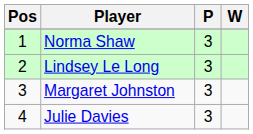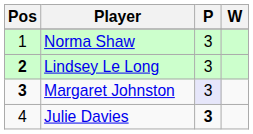 <table class="wikitable">
 <tr>
 <th width=20>Pos</th>
 <th width=150>Player</th>
 <th width=20>P</th>
 <th width=20>W</th>
 </tr>
 <tr>
 </tr>
 <tr align=center style="background: #ccffcc;">
 <td>1</td>
 <td align="left"> <a href='#'>Norma Shaw</a></td>
 <td>3</td>
 <td></td>
 </tr>
 <tr align=center style="background: #ccffcc;">
-<td>2</td>
+<td><strong>2</strong></td>
 <td align="left"> <a href='#'>Lindsey Le Long</a></td>
 <td>3</td>
 <td></td>
 </tr>
 <tr align=center>
-<td>3</td>
+<td><strong>3</strong></td>
 <td align="left"> <a href='#'>Margaret Johnston</a></td>
-<td>3</td>
+<td style="background: lavender;">3</td>
 <td></td>
 </tr>
 <tr align=center>
 <td>4</td>
 <td align="left"> <a href='#'>Julie Davies</a></td>
-<td>3</td>
+<td><strong>3</strong></td>
 <td></td>
 </tr>
 </table>
